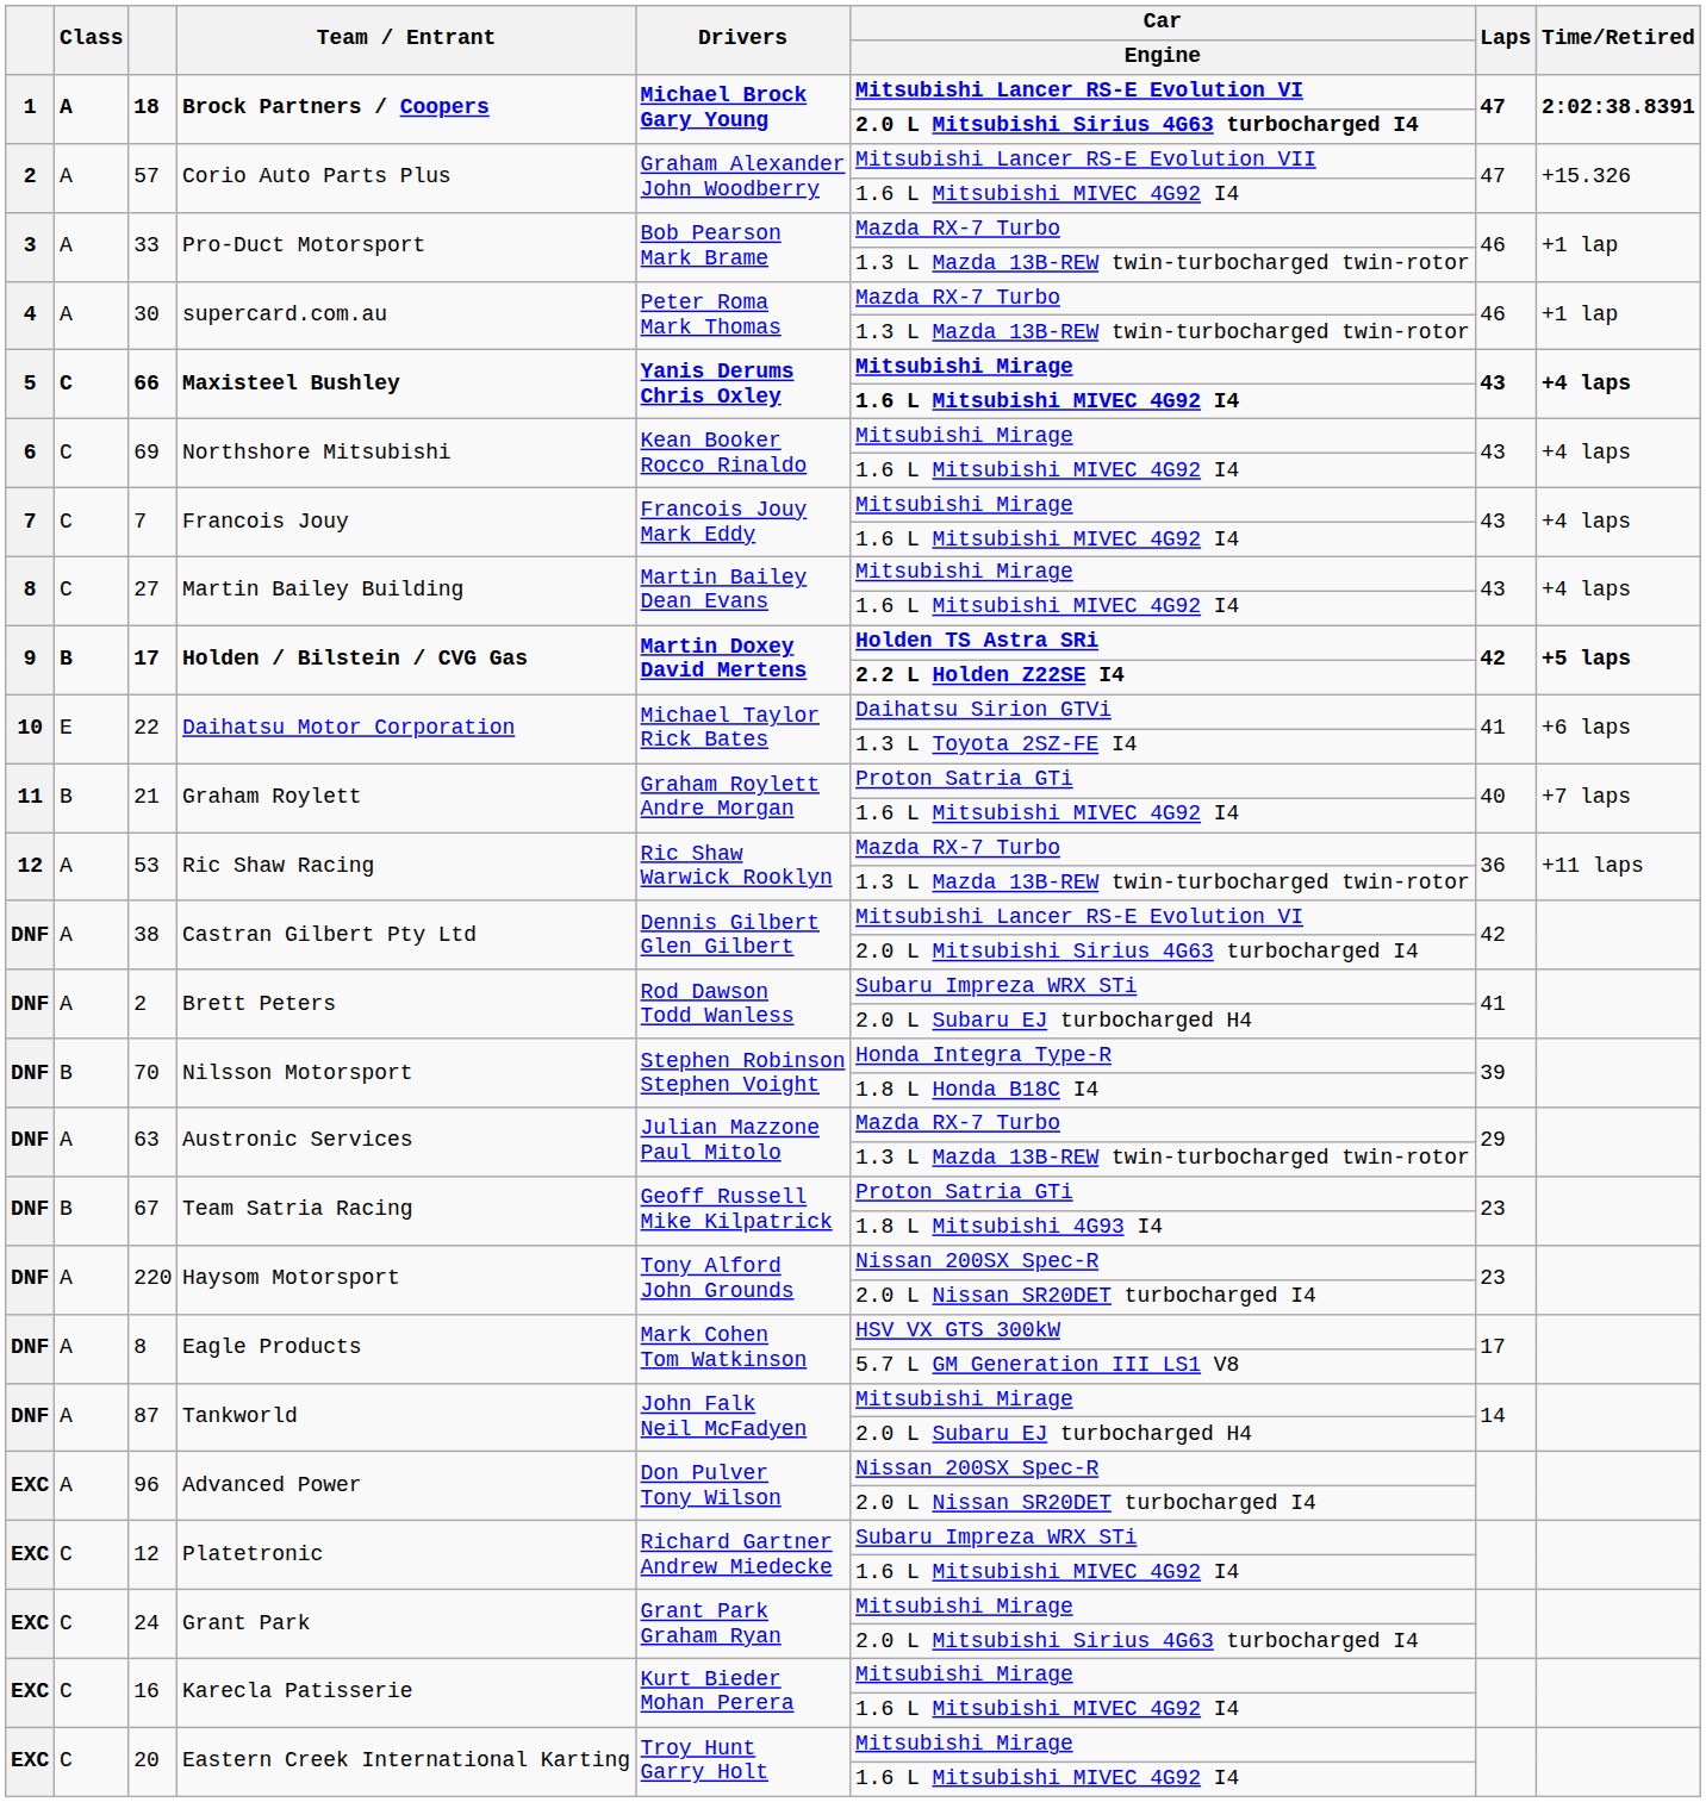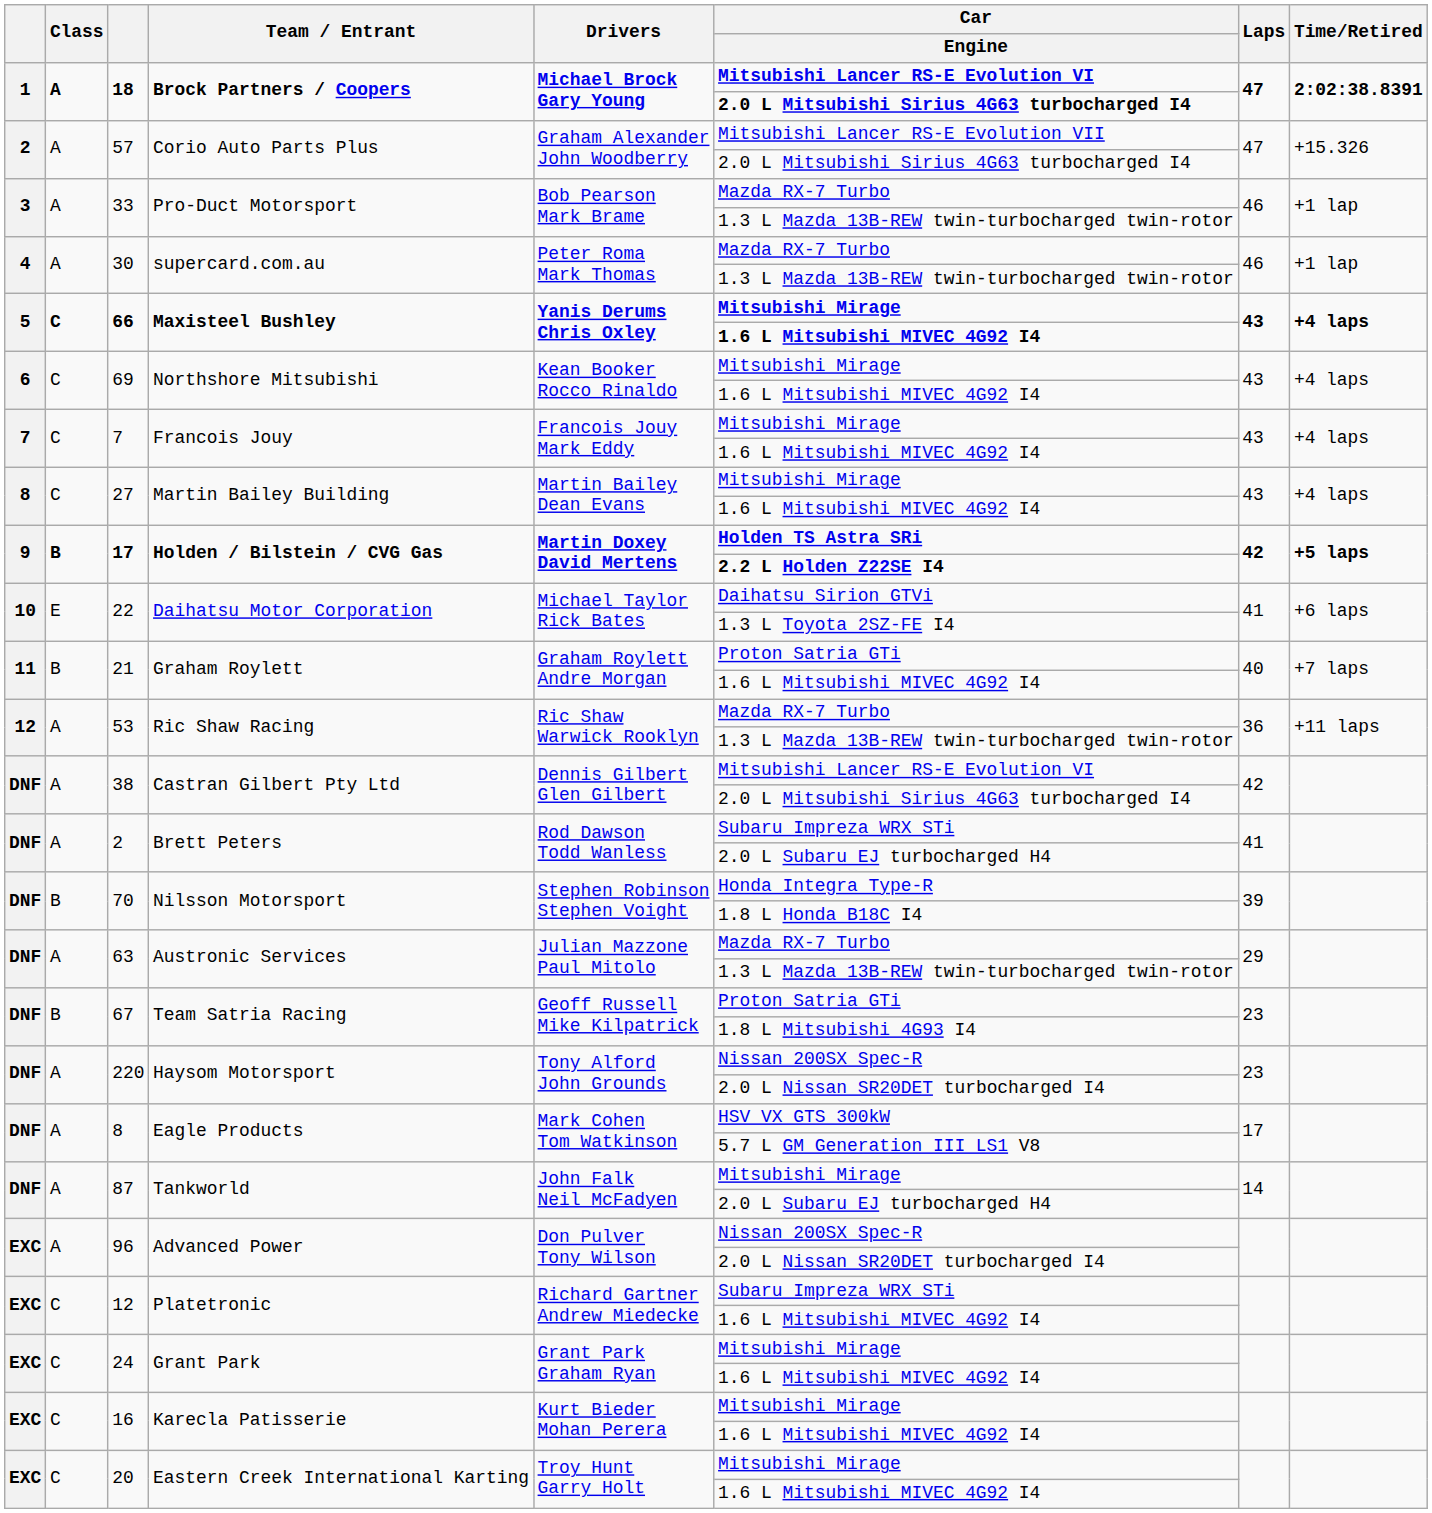 <table class="wikitable" style="font-size: 95%;">
 <tr>
 <th rowspan=2></th>
 <th rowspan=2>Class</th>
 <th rowspan=2></th>
 <th rowspan=2>Team / Entrant</th>
 <th rowspan=2>Drivers</th>
 <th>Car</th>
 <th rowspan=2>Laps</th>
 <th rowspan="2">Time/Retired</th>
 </tr>
 <tr>
 <th>Engine</th>
 </tr>
 <tr style="font-weight: bold">
 <th rowspan="2">1</th>
 <td rowspan="2">A</td>
 <td rowspan="2">18</td>
 <td rowspan="2">Brock Partners / <a href='#'>Coopers</a></td>
 <td rowspan="2"><a href='#'>Michael Brock</a><br> <a href='#'>Gary Young</a></td>
 <td><a href='#'>Mitsubishi Lancer RS-E Evolution VI</a></td>
 <td rowspan="2">47</td>
 <td rowspan="2">2:02:38.8391</td>
 </tr>
 <tr style="font-weight: bold">
 <td>2.0 L <a href='#'>Mitsubishi Sirius 4G63</a> turbocharged I4</td>
 </tr>
 <tr>
 <th rowspan="2">2</th>
 <td rowspan="2">A</td>
 <td rowspan="2">57</td>
 <td rowspan="2">Corio Auto Parts Plus</td>
 <td rowspan="2"><a href='#'>Graham Alexander</a><br> <a href='#'>John Woodberry</a></td>
 <td><a href='#'>Mitsubishi Lancer RS-E Evolution VII</a></td>
 <td rowspan="2">47</td>
 <td rowspan="2">+15.326</td>
 </tr>
 <tr>
-<td>1.6 L <a href='#'>Mitsubishi MIVEC 4G92</a> I4</td>
+<td>2.0 L <a href='#'>Mitsubishi Sirius 4G63</a> turbocharged I4</td>
 </tr>
 <tr>
 <th rowspan="2">3</th>
 <td rowspan="2">A</td>
 <td rowspan="2">33</td>
 <td rowspan="2">Pro-Duct Motorsport</td>
 <td rowspan="2"><a href='#'>Bob Pearson</a><br> <a href='#'>Mark Brame</a></td>
 <td><a href='#'>Mazda RX-7 Turbo</a></td>
 <td rowspan="2">46</td>
 <td rowspan="2">+1 lap</td>
 </tr>
 <tr>
 <td>1.3 L <a href='#'>Mazda 13B-REW</a> twin-turbocharged twin-rotor</td>
 </tr>
 <tr>
 <th rowspan="2">4</th>
 <td rowspan="2">A</td>
 <td rowspan="2">30</td>
 <td rowspan="2">supercard.com.au</td>
 <td rowspan="2"><a href='#'>Peter Roma</a><br> <a href='#'>Mark Thomas</a></td>
 <td><a href='#'>Mazda RX-7 Turbo</a></td>
 <td rowspan="2">46</td>
 <td rowspan="2">+1 lap</td>
 </tr>
 <tr>
 <td>1.3 L <a href='#'>Mazda 13B-REW</a> twin-turbocharged twin-rotor</td>
 </tr>
 <tr style="font-weight: bold">
 <th rowspan="2">5</th>
 <td rowspan="2">C</td>
 <td rowspan="2">66</td>
 <td rowspan="2">Maxisteel Bushley</td>
 <td rowspan="2"><a href='#'>Yanis Derums</a><br> <a href='#'>Chris Oxley</a></td>
 <td><a href='#'>Mitsubishi Mirage</a></td>
 <td rowspan="2">43</td>
 <td rowspan="2">+4 laps</td>
 </tr>
 <tr style="font-weight: bold">
 <td>1.6 L <a href='#'>Mitsubishi MIVEC 4G92</a> I4</td>
 </tr>
 <tr>
 <th rowspan="2">6</th>
 <td rowspan="2">C</td>
 <td rowspan="2">69</td>
 <td rowspan="2">Northshore Mitsubishi</td>
 <td rowspan="2"><a href='#'>Kean Booker</a><br> <a href='#'>Rocco Rinaldo</a></td>
 <td><a href='#'>Mitsubishi Mirage</a></td>
 <td rowspan="2">43</td>
 <td rowspan="2">+4 laps</td>
 </tr>
 <tr>
 <td>1.6 L <a href='#'>Mitsubishi MIVEC 4G92</a> I4</td>
 </tr>
 <tr>
 <th rowspan="2">7</th>
 <td rowspan="2">C</td>
 <td rowspan="2">7</td>
 <td rowspan="2">Francois Jouy</td>
 <td rowspan="2"><a href='#'>Francois Jouy</a><br> <a href='#'>Mark Eddy</a></td>
 <td><a href='#'>Mitsubishi Mirage</a></td>
 <td rowspan="2">43</td>
 <td rowspan="2">+4 laps</td>
 </tr>
 <tr>
 <td>1.6 L <a href='#'>Mitsubishi MIVEC 4G92</a> I4</td>
 </tr>
 <tr>
 <th rowspan="2">8</th>
 <td rowspan="2">C</td>
 <td rowspan="2">27</td>
 <td rowspan="2">Martin Bailey Building</td>
 <td rowspan="2"><a href='#'>Martin Bailey</a><br> <a href='#'>Dean Evans</a></td>
 <td><a href='#'>Mitsubishi Mirage</a></td>
 <td rowspan="2">43</td>
 <td rowspan="2">+4 laps</td>
 </tr>
 <tr>
 <td>1.6 L <a href='#'>Mitsubishi MIVEC 4G92</a> I4</td>
 </tr>
 <tr style="font-weight: bold">
 <th rowspan="2">9</th>
 <td rowspan="2">B</td>
 <td rowspan="2">17</td>
 <td rowspan="2">Holden / Bilstein / CVG Gas</td>
 <td rowspan="2"><a href='#'>Martin Doxey</a><br> <a href='#'>David Mertens</a></td>
 <td><a href='#'>Holden TS Astra SRi</a></td>
 <td rowspan="2">42</td>
 <td rowspan="2">+5 laps</td>
 </tr>
 <tr style="font-weight: bold">
 <td>2.2 L <a href='#'>Holden Z22SE</a> I4</td>
 </tr>
 <tr>
 <th rowspan="2">10</th>
 <td rowspan="2">E</td>
 <td rowspan="2">22</td>
 <td rowspan="2"><a href='#'>Daihatsu Motor Corporation</a></td>
 <td rowspan="2"><a href='#'>Michael Taylor</a><br> <a href='#'>Rick Bates</a></td>
 <td><a href='#'>Daihatsu Sirion GTVi</a></td>
 <td rowspan="2">41</td>
 <td rowspan="2">+6 laps</td>
 </tr>
 <tr>
 <td>1.3 L <a href='#'>Toyota 2SZ-FE</a> I4</td>
 </tr>
 <tr>
 <th rowspan="2">11</th>
 <td rowspan="2">B</td>
 <td rowspan="2">21</td>
 <td rowspan="2">Graham Roylett</td>
 <td rowspan="2"><a href='#'>Graham Roylett</a><br> <a href='#'>Andre Morgan</a></td>
 <td><a href='#'>Proton Satria GTi</a></td>
 <td rowspan="2">40</td>
 <td rowspan="2">+7 laps</td>
 </tr>
 <tr>
 <td>1.6 L <a href='#'>Mitsubishi MIVEC 4G92</a> I4</td>
 </tr>
 <tr>
 <th rowspan="2">12</th>
 <td rowspan="2">A</td>
 <td rowspan="2">53</td>
 <td rowspan="2">Ric Shaw Racing</td>
 <td rowspan="2"><a href='#'>Ric Shaw</a><br> <a href='#'>Warwick Rooklyn</a></td>
 <td><a href='#'>Mazda RX-7 Turbo</a></td>
 <td rowspan="2">36</td>
 <td rowspan="2">+11 laps</td>
 </tr>
 <tr>
 <td>1.3 L <a href='#'>Mazda 13B-REW</a> twin-turbocharged twin-rotor</td>
 </tr>
 <tr>
 <th rowspan="2">DNF</th>
 <td rowspan="2">A</td>
 <td rowspan="2">38</td>
 <td rowspan="2">Castran Gilbert Pty Ltd</td>
 <td rowspan="2"><a href='#'>Dennis Gilbert</a><br> <a href='#'>Glen Gilbert</a></td>
 <td><a href='#'>Mitsubishi Lancer RS-E Evolution VI</a></td>
 <td rowspan="2">42</td>
 <td rowspan="2"></td>
 </tr>
 <tr>
 <td>2.0 L <a href='#'>Mitsubishi Sirius 4G63</a> turbocharged I4</td>
 </tr>
 <tr>
 <th rowspan="2">DNF</th>
 <td rowspan="2">A</td>
 <td rowspan="2">2</td>
 <td rowspan="2">Brett Peters</td>
 <td rowspan="2"><a href='#'>Rod Dawson</a><br> <a href='#'>Todd Wanless</a></td>
 <td><a href='#'>Subaru Impreza WRX STi</a></td>
 <td rowspan="2">41</td>
 <td rowspan="2"></td>
 </tr>
 <tr>
 <td>2.0 L <a href='#'>Subaru EJ</a> turbocharged H4</td>
 </tr>
 <tr>
 <th rowspan="2">DNF</th>
 <td rowspan="2">B</td>
 <td rowspan="2">70</td>
 <td rowspan="2">Nilsson Motorsport</td>
 <td rowspan="2"><a href='#'>Stephen Robinson</a><br> <a href='#'>Stephen Voight</a></td>
 <td><a href='#'>Honda Integra Type-R</a></td>
 <td rowspan="2">39</td>
 <td rowspan="2"></td>
 </tr>
 <tr>
 <td>1.8 L <a href='#'>Honda B18C</a> I4</td>
 </tr>
 <tr>
 <th rowspan="2">DNF</th>
 <td rowspan="2">A</td>
 <td rowspan="2">63</td>
 <td rowspan="2">Austronic Services</td>
 <td rowspan="2"><a href='#'>Julian Mazzone</a><br> <a href='#'>Paul Mitolo</a></td>
 <td><a href='#'>Mazda RX-7 Turbo</a></td>
 <td rowspan="2">29</td>
 <td rowspan="2"></td>
 </tr>
 <tr>
 <td>1.3 L <a href='#'>Mazda 13B-REW</a> twin-turbocharged twin-rotor</td>
 </tr>
 <tr>
 <th rowspan="2">DNF</th>
 <td rowspan="2">B</td>
 <td rowspan="2">67</td>
 <td rowspan="2">Team Satria Racing</td>
 <td rowspan="2"><a href='#'>Geoff Russell</a><br> <a href='#'>Mike Kilpatrick</a></td>
 <td><a href='#'>Proton Satria GTi</a></td>
 <td rowspan="2">23</td>
 <td rowspan="2"></td>
 </tr>
 <tr>
 <td>1.8 L <a href='#'>Mitsubishi 4G93</a> I4</td>
 </tr>
 <tr>
 <th rowspan="2">DNF</th>
 <td rowspan="2">A</td>
 <td rowspan="2">220</td>
 <td rowspan="2">Haysom Motorsport</td>
 <td rowspan="2"><a href='#'>Tony Alford</a><br> <a href='#'>John Grounds</a></td>
 <td><a href='#'>Nissan 200SX Spec-R</a></td>
 <td rowspan="2">23</td>
 <td rowspan="2"></td>
 </tr>
 <tr>
 <td>2.0 L <a href='#'>Nissan SR20DET</a> turbocharged I4</td>
 </tr>
 <tr>
 <th rowspan="2">DNF</th>
 <td rowspan="2">A</td>
 <td rowspan="2">8</td>
 <td rowspan="2">Eagle Products</td>
 <td rowspan="2"><a href='#'>Mark Cohen</a><br> <a href='#'>Tom Watkinson</a></td>
 <td><a href='#'>HSV VX GTS 300kW</a></td>
 <td rowspan="2">17</td>
 <td rowspan="2"></td>
 </tr>
 <tr>
 <td>5.7 L <a href='#'>GM Generation III LS1</a> V8</td>
 </tr>
 <tr>
 <th rowspan="2">DNF</th>
 <td rowspan="2">A</td>
 <td rowspan="2">87</td>
 <td rowspan="2">Tankworld</td>
 <td rowspan="2"><a href='#'>John Falk</a><br> <a href='#'>Neil McFadyen</a></td>
 <td><a href='#'>Mitsubishi Mirage</a></td>
 <td rowspan="2">14</td>
 <td rowspan="2"></td>
 </tr>
 <tr>
 <td>2.0 L <a href='#'>Subaru EJ</a> turbocharged H4</td>
 </tr>
 <tr>
 <th rowspan="2">EXC</th>
 <td rowspan="2">A</td>
 <td rowspan="2">96</td>
 <td rowspan="2">Advanced Power</td>
 <td rowspan="2"><a href='#'>Don Pulver</a><br> <a href='#'>Tony Wilson</a></td>
 <td><a href='#'>Nissan 200SX Spec-R</a></td>
 <td rowspan="2"></td>
 <td rowspan="2"></td>
 </tr>
 <tr>
 <td>2.0 L <a href='#'>Nissan SR20DET</a> turbocharged I4</td>
 </tr>
 <tr>
 <th rowspan="2">EXC</th>
 <td rowspan="2">C</td>
 <td rowspan="2">12</td>
 <td rowspan="2">Platetronic</td>
 <td rowspan="2"><a href='#'>Richard Gartner</a><br> <a href='#'>Andrew Miedecke</a></td>
 <td><a href='#'>Subaru Impreza WRX STi</a></td>
 <td rowspan="2"></td>
 <td rowspan="2"></td>
 </tr>
 <tr>
 <td>1.6 L <a href='#'>Mitsubishi MIVEC 4G92</a> I4</td>
 </tr>
 <tr>
 <th rowspan="2">EXC</th>
 <td rowspan="2">C</td>
 <td rowspan="2">24</td>
 <td rowspan="2">Grant Park</td>
 <td rowspan="2"><a href='#'>Grant Park</a><br> <a href='#'>Graham Ryan</a></td>
 <td><a href='#'>Mitsubishi Mirage</a></td>
 <td rowspan="2"></td>
 <td rowspan="2"></td>
 </tr>
 <tr>
-<td>2.0 L <a href='#'>Mitsubishi Sirius 4G63</a> turbocharged I4</td>
+<td>1.6 L <a href='#'>Mitsubishi MIVEC 4G92</a> I4</td>
 </tr>
 <tr>
 <th rowspan="2">EXC</th>
 <td rowspan="2">C</td>
 <td rowspan="2">16</td>
 <td rowspan="2">Karecla Patisserie</td>
 <td rowspan="2"><a href='#'>Kurt Bieder</a><br> <a href='#'>Mohan Perera</a></td>
 <td><a href='#'>Mitsubishi Mirage</a></td>
 <td rowspan="2"></td>
 <td rowspan="2"></td>
 </tr>
 <tr>
 <td>1.6 L <a href='#'>Mitsubishi MIVEC 4G92</a> I4</td>
 </tr>
 <tr>
 <th rowspan="2">EXC</th>
 <td rowspan="2">C</td>
 <td rowspan="2">20</td>
 <td rowspan="2">Eastern Creek International Karting</td>
 <td rowspan="2"><a href='#'>Troy Hunt</a><br> <a href='#'>Garry Holt</a></td>
 <td><a href='#'>Mitsubishi Mirage</a></td>
 <td rowspan="2"></td>
 <td rowspan="2"></td>
 </tr>
 <tr>
 <td>1.6 L <a href='#'>Mitsubishi MIVEC 4G92</a> I4</td>
 </tr>
 </table>
